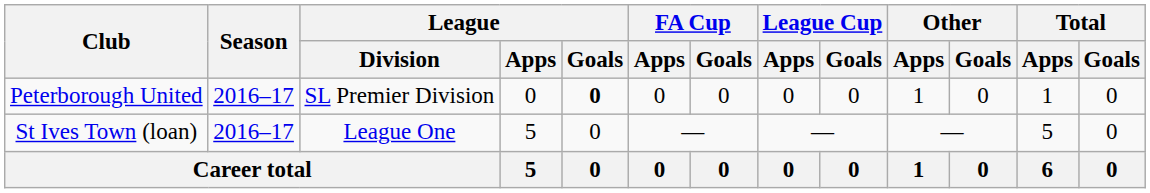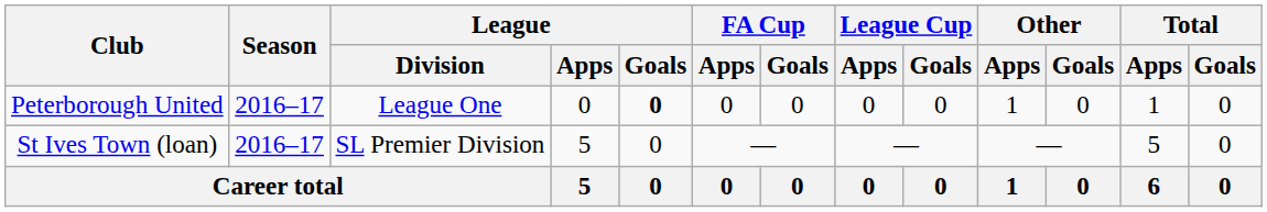 <table class="wikitable" style="text-align:center">
 <tr>
 <th rowspan="2">Club</th>
 <th rowspan="2">Season</th>
 <th colspan="3">League</th>
 <th colspan="2"><a href='#'>FA Cup</a></th>
 <th colspan="2"><a href='#'>League Cup</a></th>
 <th colspan="2">Other</th>
 <th colspan="2">Total</th>
 </tr>
 <tr>
 <th>Division</th>
 <th>Apps</th>
 <th>Goals</th>
 <th>Apps</th>
 <th>Goals</th>
 <th>Apps</th>
 <th>Goals</th>
 <th>Apps</th>
 <th>Goals</th>
 <th>Apps</th>
 <th>Goals</th>
 </tr>
 <tr>
 <td><a href='#'>Peterborough United</a></td>
 <td><a href='#'>2016–17</a></td>
-<td><a href='#'>SL</a> Premier Division</td>
+<td><a href='#'>League One</a></td>
 <td>0</td>
 <td><strong>0</strong></td>
 <td>0</td>
 <td>0</td>
 <td>0</td>
 <td>0</td>
 <td>1</td>
 <td>0</td>
 <td>1</td>
 <td>0</td>
 </tr>
 <tr>
 <td><a href='#'>St Ives Town</a> (loan)</td>
 <td><a href='#'>2016–17</a></td>
-<td><a href='#'>League One</a></td>
+<td><a href='#'>SL</a> Premier Division</td>
 <td>5</td>
 <td>0</td>
 <td colspan="2">—</td>
 <td colspan="2">—</td>
 <td colspan="2">—</td>
 <td>5</td>
 <td>0</td>
 </tr>
 <tr>
 <th colspan="3">Career total</th>
 <th>5</th>
 <th>0</th>
 <th>0</th>
 <th>0</th>
 <th>0</th>
 <th>0</th>
 <th>1</th>
 <th>0</th>
 <th>6</th>
 <th>0</th>
 </tr>
 </table>
